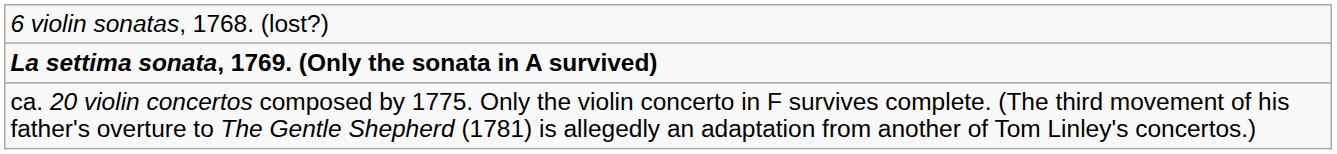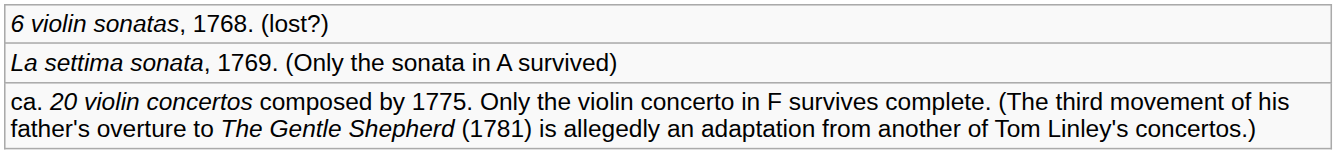 <table class="wikitable">
 <tr>
 <td><em>6 violin sonatas</em>, 1768. (lost?)</td>
 </tr>
 <tr>
-<td><strong><em>La settima sonata</em>, 1769. (Only the sonata in A survived)</strong></td>
+<td><em>La settima sonata</em>, 1769. (Only the sonata in A survived)</td>
 </tr>
 <tr>
 <td>ca. <em>20 violin concertos</em> composed by 1775. Only the violin concerto in F survives complete. (The third movement of his father's overture to <em>The Gentle Shepherd</em> (1781) is allegedly an adaptation from another of Tom Linley's concertos.)</td>
 </tr>
 </table>
